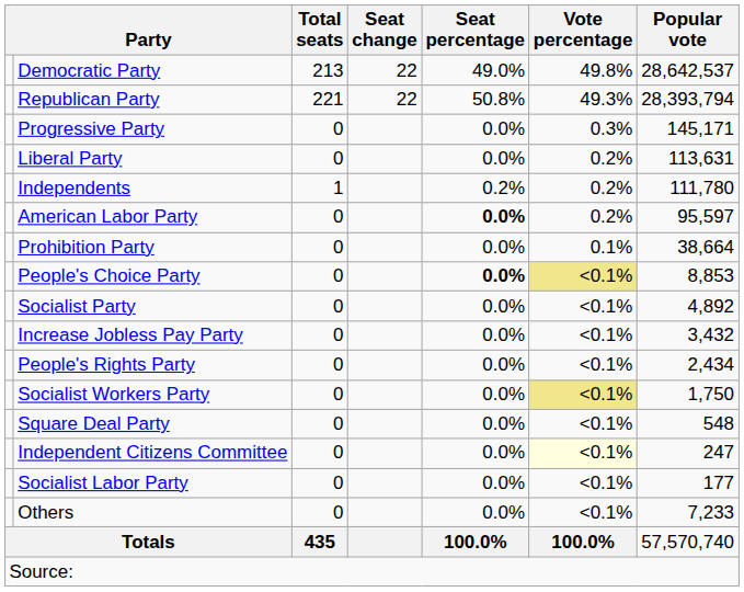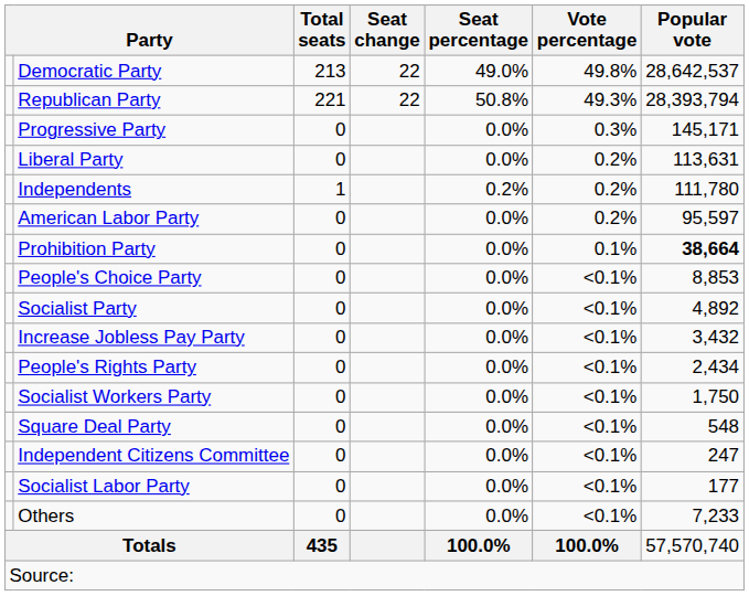 <table class=wikitable>
 <tr valign=bottom>
 <th colspan=2>Party</th>
 <th>Total<br>seats</th>
 <th>Seat<br>change</th>
 <th>Seat<br>percentage</th>
 <th>Vote<br>percentage</th>
 <th>Popular<br>vote</th>
 </tr>
 <tr>
 <td></td>
 <td><a href='#'>Democratic Party</a></td>
 <td align=right>213</td>
 <td align=right> 22</td>
 <td align=right>49.0%</td>
 <td align=right >49.8%</td>
 <td align=right >28,642,537</td>
 </tr>
 <tr>
 <td></td>
 <td><a href='#'>Republican Party</a></td>
 <td align=right >221</td>
 <td align=right > 22</td>
 <td align=right >50.8%</td>
 <td align=right>49.3%</td>
 <td align=right>28,393,794</td>
 </tr>
 <tr>
 <td></td>
 <td><a href='#'>Progressive Party</a></td>
 <td align=right>0</td>
 <td align=right></td>
 <td align=right>0.0%</td>
 <td align=right>0.3%</td>
 <td align=right>145,171</td>
 </tr>
 <tr>
 <td></td>
 <td><a href='#'>Liberal Party</a></td>
 <td align=right>0</td>
 <td align=right></td>
 <td align=right>0.0%</td>
 <td align=right>0.2%</td>
 <td align=right>113,631</td>
 </tr>
 <tr>
 <td></td>
 <td><a href='#'>Independents</a></td>
 <td align=right>1</td>
 <td align=right></td>
 <td align=right>0.2%</td>
 <td align=right>0.2%</td>
 <td align=right>111,780</td>
 </tr>
 <tr>
 <td></td>
 <td><a href='#'>American Labor Party</a></td>
 <td align=right>0</td>
 <td align=right></td>
-<td align=right><strong>0.0%</strong></td>
+<td align=right>0.0%</td>
 <td align=right>0.2%</td>
 <td align=right>95,597</td>
 </tr>
 <tr>
 <td></td>
 <td><a href='#'>Prohibition Party</a></td>
 <td align=right>0</td>
 <td align=right></td>
 <td align=right>0.0%</td>
 <td align=right>0.1%</td>
-<td align=right>38,664</td>
+<td align=right><strong>38,664</strong></td>
 </tr>
 <tr>
 <td></td>
 <td><a href='#'>People's Choice Party</a></td>
 <td align=right>0</td>
 <td align=right></td>
-<td align=right><strong>0.0%</strong></td>
-<td align=right style="background: khaki;"><0.1%</td>
+<td align=right>0.0%</td>
+<td align=right><0.1%</td>
 <td align=right>8,853</td>
 </tr>
 <tr>
 <td></td>
 <td><a href='#'>Socialist Party</a></td>
 <td align=right>0</td>
 <td align=right></td>
 <td align=right>0.0%</td>
 <td align=right><0.1%</td>
 <td align=right>4,892</td>
 </tr>
 <tr>
 <td></td>
 <td><a href='#'>Increase Jobless Pay Party</a></td>
 <td align=right>0</td>
 <td align=right></td>
 <td align=right>0.0%</td>
 <td align=right><0.1%</td>
 <td align=right>3,432</td>
 </tr>
 <tr>
 <td></td>
 <td><a href='#'>People's Rights Party</a></td>
 <td align=right>0</td>
 <td align=right></td>
 <td align=right>0.0%</td>
 <td align=right><0.1%</td>
 <td align=right>2,434</td>
 </tr>
 <tr>
 <td></td>
 <td><a href='#'>Socialist Workers Party</a></td>
 <td align=right>0</td>
 <td align=right></td>
 <td align=right>0.0%</td>
-<td align=right style="background: khaki;"><0.1%</td>
+<td align=right><0.1%</td>
 <td align=right>1,750</td>
 </tr>
 <tr>
 <td></td>
 <td><a href='#'>Square Deal Party</a></td>
 <td align=right>0</td>
 <td align=right></td>
 <td align=right>0.0%</td>
 <td align=right><0.1%</td>
 <td align=right>548</td>
 </tr>
 <tr>
 <td></td>
 <td><a href='#'>Independent Citizens Committee</a></td>
 <td align=right>0</td>
 <td align=right></td>
 <td align=right>0.0%</td>
-<td align=right style="background: lightyellow;"><0.1%</td>
+<td align=right><0.1%</td>
 <td align=right>247</td>
 </tr>
 <tr>
 <td></td>
 <td><a href='#'>Socialist Labor Party</a></td>
 <td align=right>0</td>
 <td align=right></td>
 <td align=right>0.0%</td>
 <td align=right><0.1%</td>
 <td align=right>177</td>
 </tr>
 <tr>
 <td></td>
 <td>Others</td>
 <td align=right>0</td>
 <td align=right></td>
 <td align=right>0.0%</td>
 <td align=right><0.1%</td>
 <td align=right>7,233</td>
 </tr>
 <tr>
 <th colspan=2>Totals</th>
 <th align=right>435</th>
 <th align=right></th>
 <th align=right>100.0%</th>
 <th align=right>100.0%</th>
 <td align=right>57,570,740</td>
 </tr>
 <tr>
 <td align="left" colspan=9>Source: </td>
 </tr>
 </table>
